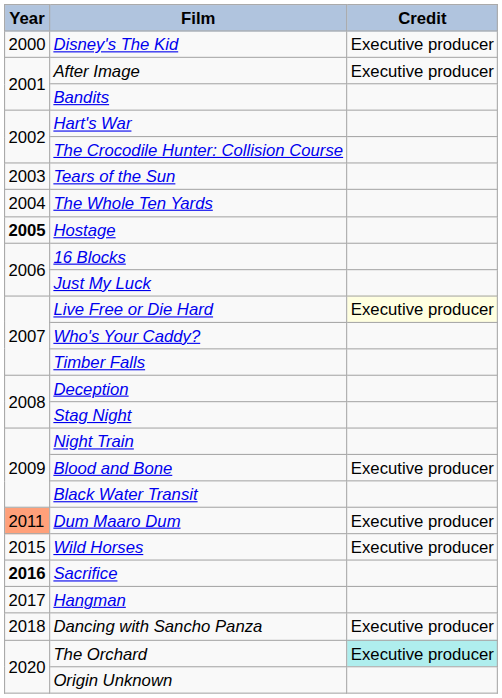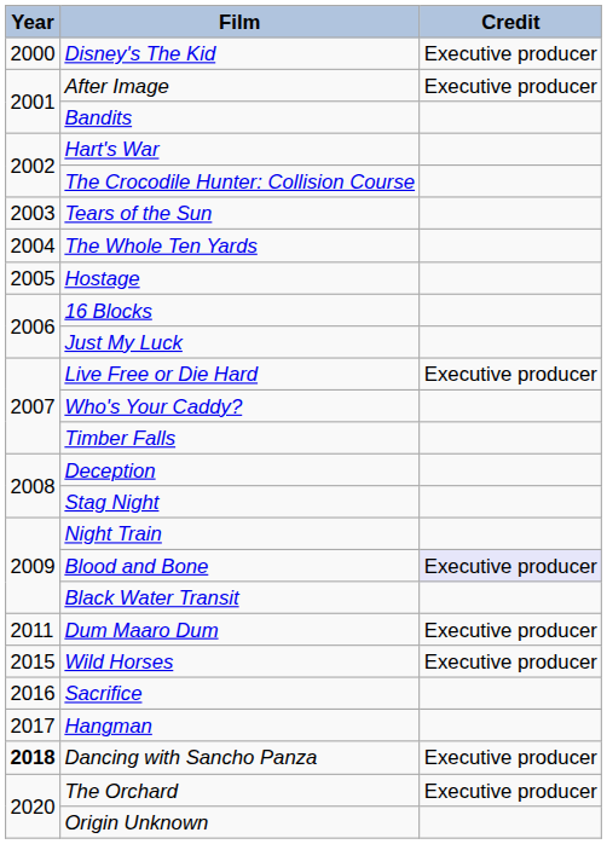 <table class="wikitable" style="font-size:95%;">
 <tr>
 <th style="background:#B0C4DE;">Year</th>
 <th style="background:#B0C4DE;">Film</th>
 <th style="background:#B0C4DE;">Credit</th>
 </tr>
 <tr>
 <td>2000</td>
 <td><em><a href='#'>Disney's The Kid</a></em></td>
 <td>Executive producer</td>
 </tr>
 <tr>
 <td rowspan=2>2001</td>
 <td><em>After Image</em></td>
 <td>Executive producer</td>
 </tr>
 <tr>
 <td><em><a href='#'>Bandits</a></em></td>
 <td></td>
 </tr>
 <tr>
 <td rowspan=2>2002</td>
 <td><em><a href='#'>Hart's War</a></em></td>
 <td></td>
 </tr>
 <tr>
 <td><em><a href='#'>The Crocodile Hunter: Collision Course</a></em></td>
 <td></td>
 </tr>
 <tr>
 <td>2003</td>
 <td><em><a href='#'>Tears of the Sun</a></em></td>
 <td></td>
 </tr>
 <tr>
 <td>2004</td>
 <td><em><a href='#'>The Whole Ten Yards</a></em></td>
 <td></td>
 </tr>
 <tr>
-<td><strong>2005</strong></td>
+<td>2005</td>
 <td><em><a href='#'>Hostage</a></em></td>
 <td></td>
 </tr>
 <tr>
 <td rowspan=2>2006</td>
 <td><em><a href='#'>16 Blocks</a></em></td>
 <td></td>
 </tr>
 <tr>
 <td><em><a href='#'>Just My Luck</a></em></td>
 <td></td>
 </tr>
 <tr>
 <td rowspan=3>2007</td>
 <td><em><a href='#'>Live Free or Die Hard</a></em></td>
-<td style="background: lightyellow;">Executive producer</td>
+<td>Executive producer</td>
 </tr>
 <tr>
 <td><em><a href='#'>Who's Your Caddy?</a></em></td>
 <td></td>
 </tr>
 <tr>
 <td><em><a href='#'>Timber Falls</a></em></td>
 <td></td>
 </tr>
 <tr>
 <td rowspan=2>2008</td>
 <td><em><a href='#'>Deception</a></em></td>
 <td></td>
 </tr>
 <tr>
 <td><em><a href='#'>Stag Night</a></em></td>
 <td></td>
 </tr>
 <tr>
 <td rowspan=3>2009</td>
 <td><em><a href='#'>Night Train</a></em></td>
 <td></td>
 </tr>
 <tr>
 <td><em><a href='#'>Blood and Bone</a></em></td>
-<td>Executive producer</td>
+<td style="background: lavender;">Executive producer</td>
 </tr>
 <tr>
 <td><em><a href='#'>Black Water Transit</a></em></td>
 <td></td>
 </tr>
 <tr>
-<td style="background: lightsalmon;">2011</td>
+<td>2011</td>
 <td><em><a href='#'>Dum Maaro Dum</a></em></td>
 <td>Executive producer</td>
 </tr>
 <tr>
 <td>2015</td>
 <td><em><a href='#'>Wild Horses</a></em></td>
 <td>Executive producer</td>
 </tr>
 <tr>
-<td><strong>2016</strong></td>
+<td>2016</td>
 <td><em><a href='#'>Sacrifice</a></em></td>
 <td></td>
 </tr>
 <tr>
 <td>2017</td>
 <td><em><a href='#'>Hangman</a></em></td>
 <td></td>
 </tr>
 <tr>
-<td>2018</td>
+<td><strong>2018</strong></td>
 <td><em>Dancing with Sancho Panza</em></td>
 <td>Executive producer</td>
 </tr>
 <tr>
 <td rowspan=2>2020</td>
 <td><em>The Orchard</em></td>
-<td style="background: paleturquoise;">Executive producer</td>
+<td>Executive producer</td>
 </tr>
 <tr>
 <td><em>Origin Unknown</em></td>
 <td></td>
 </tr>
 </table>
